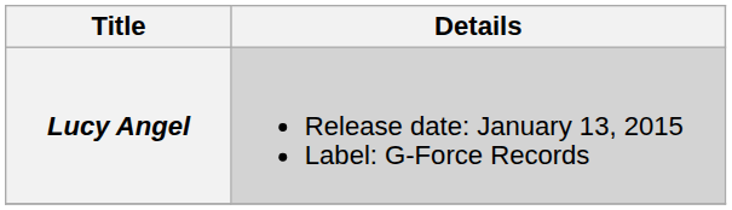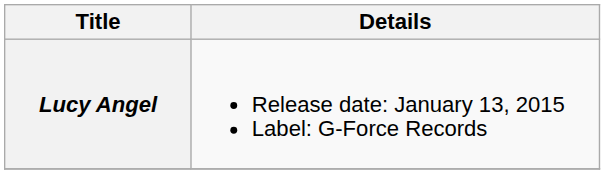 <table class="wikitable plainrowheaders">
 <tr>
 <th style="width:8em;">Title</th>
 <th style="width:18em;">Details</th>
 </tr>
 <tr>
 <th scope="row"><em>Lucy Angel</em></th>
-<td style="background: lightgrey;"><br><ul><li>Release date: January 13, 2015</li><li>Label: G-Force Records</li></ul></td>
+<td><br><ul><li>Release date: January 13, 2015</li><li>Label: G-Force Records</li></ul></td>
 </tr>
 <tr>
 </tr>
 </table>
